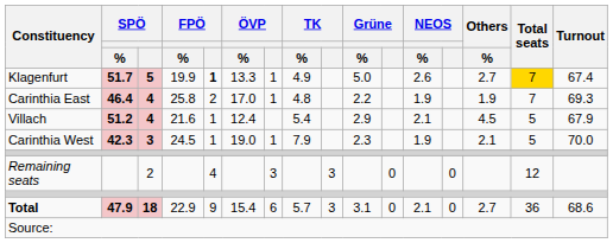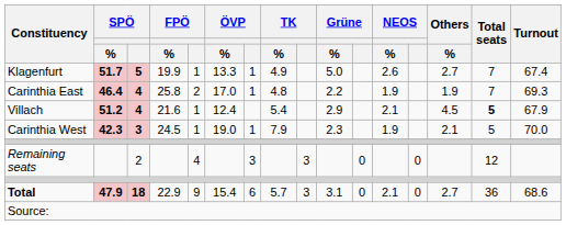 <table class="wikitable" style="text-align:center;font-size:90%;line-height:16px">
 <tr style="height:40px;">
 <th style="width:100px;" rowspan="3">Constituency</th>
 <th style="width:60px;" colspan="2"><a href='#'>SPÖ</a></th>
 <th style="width:60px;" colspan="2"><a href='#'>FPÖ</a></th>
 <th style="width:60px;" colspan="2"><a href='#'>ÖVP</a></th>
 <th style="width:60px;" colspan="2"><a href='#'>TK</a></th>
 <th style="width:60px;" colspan="2"><a href='#'>Grüne</a></th>
 <th style="width:60px;" colspan="2"><a href='#'>NEOS</a></th>
 <th class="unsortable" style="width:40px;" rowspan="2">Others</th>
 <th class="unsortable" style="width:40px;" rowspan="3">Total<br>seats</th>
 <th class="unsortable" style="width:40px;" rowspan="3">Turnout</th>
 </tr>
 <tr>
 <th colspan="2" style="background:"></th>
 <th colspan="2" style="background:"></th>
 <th colspan="2" style="background:"></th>
 <th colspan="2" style="background:"></th>
 <th colspan="2" style="background:"></th>
 <th colspan="2" style="background:"></th>
 </tr>
 <tr>
 <th class=unsortable>%</th>
 <th class=unsortable></th>
 <th class=unsortable>%</th>
 <th class=unsortable></th>
 <th class=unsortable>%</th>
 <th class=unsortable></th>
 <th class=unsortable>%</th>
 <th class=unsortable></th>
 <th class=unsortable>%</th>
 <th class=unsortable></th>
 <th class=unsortable>%</th>
 <th class=unsortable></th>
 <th class=unsortable>%</th>
 </tr>
 <tr>
 <td align=left>Klagenfurt</td>
 <td bgcolor=#F4C6C9><strong>51.7</strong></td>
 <td bgcolor=#F4C6C9><strong>5</strong></td>
 <td>19.9</td>
-<td><strong>1</strong></td>
+<td>1</td>
 <td>13.3</td>
 <td>1</td>
 <td>4.9</td>
 <td></td>
 <td>5.0</td>
 <td></td>
 <td>2.6</td>
 <td></td>
 <td>2.7</td>
-<td style="background: gold;">7</td>
+<td>7</td>
 <td>67.4</td>
 </tr>
 <tr>
 <td align=left>Carinthia East</td>
 <td bgcolor=#F4C6C9><strong>46.4</strong></td>
 <td bgcolor=#F4C6C9><strong>4</strong></td>
 <td>25.8</td>
 <td>2</td>
 <td>17.0</td>
 <td>1</td>
 <td>4.8</td>
 <td></td>
 <td>2.2</td>
 <td></td>
 <td>1.9</td>
 <td></td>
 <td>1.9</td>
 <td>7</td>
 <td>69.3</td>
 </tr>
 <tr>
 <td align=left>Villach</td>
 <td bgcolor=#F4C6C9><strong>51.2</strong></td>
 <td bgcolor=#F4C6C9><strong>4</strong></td>
 <td>21.6</td>
 <td>1</td>
 <td>12.4</td>
 <td></td>
 <td>5.4</td>
 <td></td>
 <td>2.9</td>
 <td></td>
 <td>2.1</td>
 <td></td>
 <td>4.5</td>
-<td>5</td>
+<td><strong>5</strong></td>
 <td>67.9</td>
 </tr>
 <tr>
 <td align=left>Carinthia West</td>
 <td bgcolor=#F4C6C9><strong>42.3</strong></td>
 <td bgcolor=#F4C6C9><strong>3</strong></td>
 <td>24.5</td>
 <td>1</td>
 <td>19.0</td>
 <td>1</td>
 <td>7.9</td>
 <td></td>
 <td>2.3</td>
 <td></td>
 <td>1.9</td>
 <td></td>
 <td>2.1</td>
 <td>5</td>
 <td>70.0</td>
 </tr>
 <tr>
 <td colspan=16 bgcolor=lightgrey></td>
 </tr>
 <tr>
 <td align=left><em>Remaining seats</em></td>
 <td></td>
 <td>2</td>
 <td></td>
 <td>4</td>
 <td></td>
 <td>3</td>
 <td></td>
 <td>3</td>
 <td></td>
 <td>0</td>
 <td></td>
 <td>0</td>
 <td></td>
 <td>12</td>
 <td></td>
 </tr>
 <tr>
 <td colspan=16 bgcolor=lightgrey></td>
 </tr>
 <tr>
 <td align=left><strong>Total</strong></td>
 <td bgcolor=#F4C6C9><strong>47.9</strong></td>
 <td bgcolor=#F4C6C9><strong>18</strong></td>
 <td>22.9</td>
 <td>9</td>
 <td>15.4</td>
 <td>6</td>
 <td>5.7</td>
 <td>3</td>
 <td>3.1</td>
 <td>0</td>
 <td>2.1</td>
 <td>0</td>
 <td>2.7</td>
 <td>36</td>
 <td>68.6</td>
 </tr>
 <tr class=sortbottom>
 <td colspan=16 align=left>Source: </td>
 </tr>
 </table>
